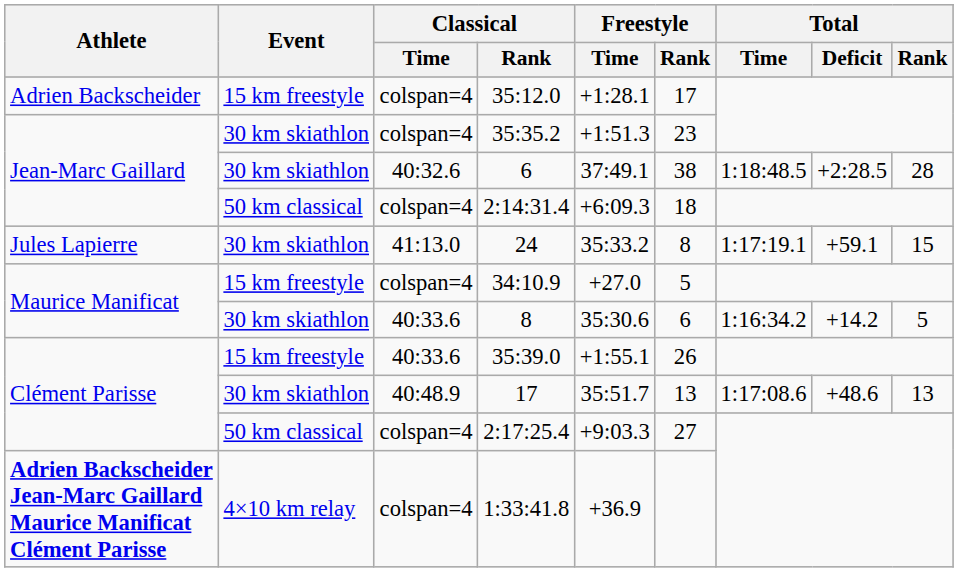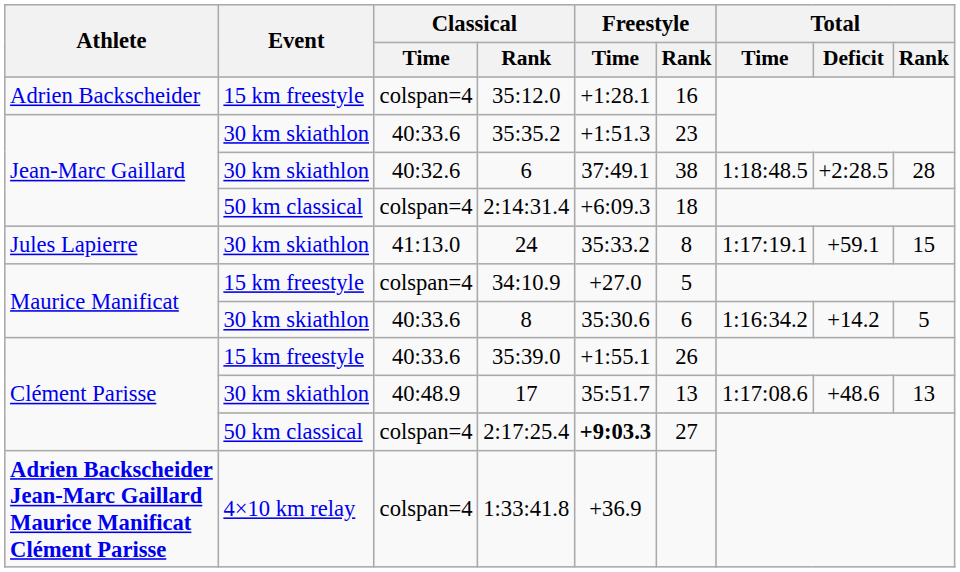 <table class="wikitable" style="font-size:90%">
 <tr>
 <th rowspan=2>Athlete</th>
 <th rowspan=2>Event</th>
 <th colspan=2>Classical</th>
 <th colspan=2>Freestyle</th>
 <th colspan=3>Total</th>
 </tr>
 <tr style="font-size:95%">
 <th>Time</th>
 <th>Rank</th>
 <th>Time</th>
 <th>Rank</th>
 <th>Time</th>
 <th>Deficit</th>
 <th>Rank</th>
 </tr>
 <tr align=center>
 <td align=left><a href='#'>Adrien Backscheider</a></td>
 <td align=left><a href='#'>15 km freestyle</a></td>
 <td>colspan=4 </td>
 <td>35:12.0</td>
 <td>+1:28.1</td>
-<td>17</td>
+<td>16</td>
 </tr>
 <tr align=center>
 <td align=left rowspan=3><a href='#'>Jean-Marc Gaillard</a></td>
 <td align=left><a href='#'>30 km skiathlon</a></td>
-<td>colspan=4 </td>
+<td>40:33.6</td>
 <td>35:35.2</td>
 <td>+1:51.3</td>
 <td>23</td>
 </tr>
 <tr align=center>
 <td align=left><a href='#'>30 km skiathlon</a></td>
 <td>40:32.6</td>
 <td>6</td>
 <td>37:49.1</td>
 <td>38</td>
 <td>1:18:48.5</td>
 <td>+2:28.5</td>
 <td>28</td>
 </tr>
 <tr align=center>
 <td align=left><a href='#'>50 km classical</a></td>
 <td>colspan=4 </td>
 <td>2:14:31.4</td>
 <td>+6:09.3</td>
 <td>18</td>
 </tr>
 <tr align=center>
 <td align=left><a href='#'>Jules Lapierre</a></td>
 <td align=left><a href='#'>30 km skiathlon</a></td>
 <td>41:13.0</td>
 <td>24</td>
 <td>35:33.2</td>
 <td>8</td>
 <td>1:17:19.1</td>
 <td>+59.1</td>
 <td>15</td>
 </tr>
 <tr align=center>
 <td align=left rowspan=2><a href='#'>Maurice Manificat</a></td>
 <td align=left><a href='#'>15 km freestyle</a></td>
 <td>colspan=4 </td>
 <td>34:10.9</td>
 <td>+27.0</td>
 <td>5</td>
 </tr>
 <tr align=center>
 <td align=left><a href='#'>30 km skiathlon</a></td>
 <td>40:33.6</td>
 <td>8</td>
 <td>35:30.6</td>
 <td>6</td>
 <td>1:16:34.2</td>
 <td>+14.2</td>
 <td>5</td>
 </tr>
 <tr align=center>
 <td align=left rowspan=3><a href='#'>Clément Parisse</a></td>
 <td align=left><a href='#'>15 km freestyle</a></td>
 <td>40:33.6</td>
 <td>35:39.0</td>
 <td>+1:55.1</td>
 <td>26</td>
 </tr>
 <tr align=center>
 <td align=left><a href='#'>30 km skiathlon</a></td>
 <td>40:48.9</td>
 <td>17</td>
 <td>35:51.7</td>
 <td>13</td>
 <td>1:17:08.6</td>
 <td>+48.6</td>
 <td>13</td>
 </tr>
 <tr align=center>
 <td align=left><a href='#'>50 km classical</a></td>
 <td>colspan=4 </td>
 <td>2:17:25.4</td>
-<td>+9:03.3</td>
+<td><strong>+9:03.3</strong></td>
 <td>27</td>
 </tr>
 <tr align=center>
 <td align=left><strong><a href='#'>Adrien Backscheider</a><br><a href='#'>Jean-Marc Gaillard</a><br><a href='#'>Maurice Manificat</a><br><a href='#'>Clément Parisse</a></strong></td>
 <td align=left><a href='#'>4×10 km relay</a></td>
 <td>colspan=4 </td>
 <td>1:33:41.8</td>
 <td>+36.9</td>
 <td></td>
 </tr>
 </table>
